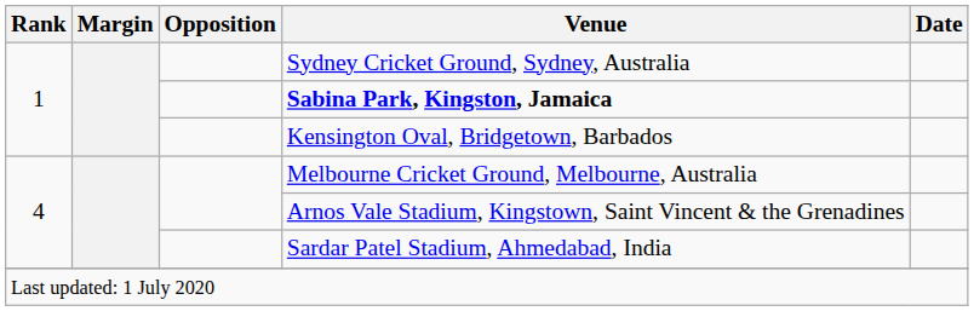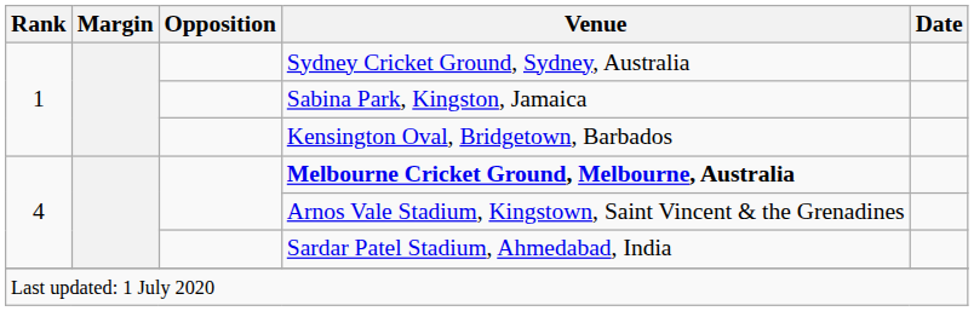 <table class="wikitable plainrowheaders sortable">
 <tr>
 <th scope=col>Rank</th>
 <th scope=col>Margin</th>
 <th scope=col>Opposition</th>
 <th scope=col>Venue</th>
 <th scope=col>Date</th>
 </tr>
 <tr>
 <td align=center rowspan=3>1</td>
 <th scope=row style=text-align:center; rowspan=3></th>
 <td></td>
 <td><a href='#'>Sydney Cricket Ground</a>, <a href='#'>Sydney</a>, Australia</td>
 <td></td>
 </tr>
 <tr>
 <td></td>
-<td><strong><a href='#'>Sabina Park</a>, <a href='#'>Kingston</a>, Jamaica</strong></td>
+<td><a href='#'>Sabina Park</a>, <a href='#'>Kingston</a>, Jamaica</td>
 <td></td>
 </tr>
 <tr>
 <td></td>
 <td><a href='#'>Kensington Oval</a>, <a href='#'>Bridgetown</a>, Barbados</td>
 <td></td>
 </tr>
 <tr>
 <td align=center rowspan=3>4</td>
 <th scope=row style=text-align:center; rowspan=3></th>
 <td rowspan=2></td>
-<td><a href='#'>Melbourne Cricket Ground</a>, <a href='#'>Melbourne</a>, Australia</td>
+<td><strong><a href='#'>Melbourne Cricket Ground</a>, <a href='#'>Melbourne</a>, Australia</strong></td>
 <td></td>
 </tr>
 <tr>
 <td><a href='#'>Arnos Vale Stadium</a>, <a href='#'>Kingstown</a>, Saint Vincent & the Grenadines</td>
 <td></td>
 </tr>
 <tr>
 <td></td>
 <td><a href='#'>Sardar Patel Stadium</a>, <a href='#'>Ahmedabad</a>, India</td>
 <td></td>
 </tr>
 <tr>
 </tr>
 <tr class=sortbottom>
 <td colspan=5><small>Last updated: 1 July 2020</small></td>
 </tr>
 </table>
